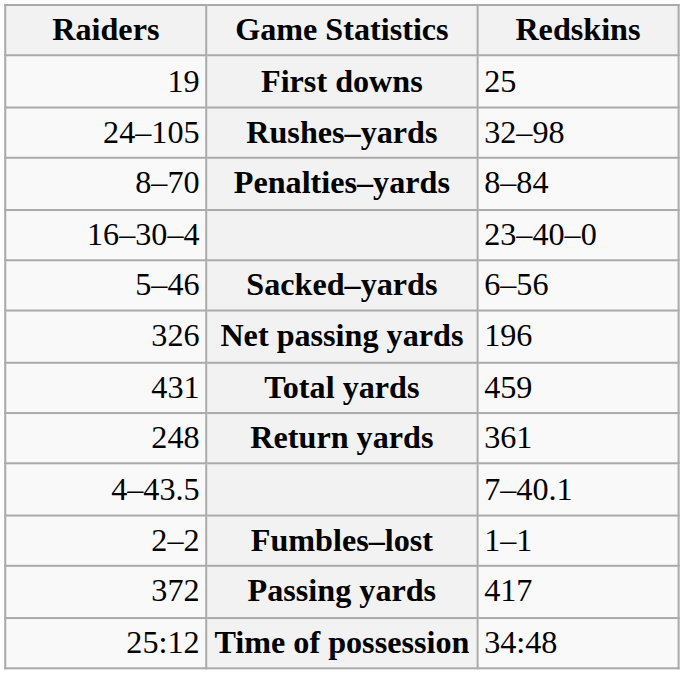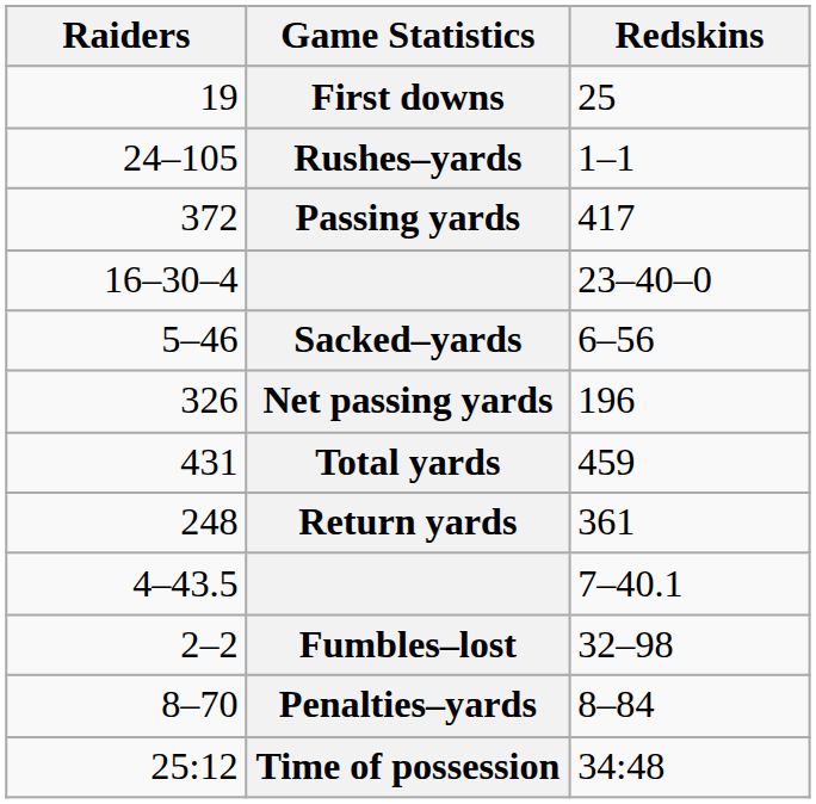 <table class="wikitable" style="margin: 1em auto 1em auto">
 <tr>
 <th style="width:30%;">Raiders</th>
 <th style="width:40%;">Game Statistics</th>
 <th style="width:30%;">Redskins</th>
 </tr>
 <tr>
 <td style="text-align:right;">19</td>
 <th>First downs</th>
 <td>25</td>
 </tr>
 <tr>
 <td style="text-align:right;">24–105</td>
 <th>Rushes–yards</th>
-<td>32–98</td>
+<td>1–1</td>
 </tr>
 <tr>
-<td style="text-align:right;">8–70</td>
-<th>Penalties–yards</th>
-<td>8–84</td>
+<td style="text-align:right;">372</td>
+<th>Passing yards</th>
+<td>417</td>
 </tr>
 <tr>
 <td style="text-align:right;">16–30–4</td>
 <th></th>
 <td>23–40–0</td>
 </tr>
 <tr>
 <td style="text-align:right;">5–46</td>
 <th>Sacked–yards</th>
 <td>6–56</td>
 </tr>
 <tr>
 <td style="text-align:right;">326</td>
 <th>Net passing yards</th>
 <td>196</td>
 </tr>
 <tr>
 <td style="text-align:right;">431</td>
 <th>Total yards</th>
 <td>459</td>
 </tr>
 <tr>
 <td style="text-align:right;">248</td>
 <th>Return yards</th>
 <td>361</td>
 </tr>
 <tr>
 <td style="text-align:right;">4–43.5</td>
 <th></th>
 <td>7–40.1</td>
 </tr>
 <tr>
 <td style="text-align:right;">2–2</td>
 <th>Fumbles–lost</th>
-<td>1–1</td>
+<td>32–98</td>
 </tr>
 <tr>
-<td style="text-align:right;">372</td>
-<th>Passing yards</th>
-<td>417</td>
+<td style="text-align:right;">8–70</td>
+<th>Penalties–yards</th>
+<td>8–84</td>
 </tr>
 <tr>
 <td style="text-align:right;">25:12</td>
 <th>Time of possession</th>
 <td>34:48</td>
 </tr>
 </table>
